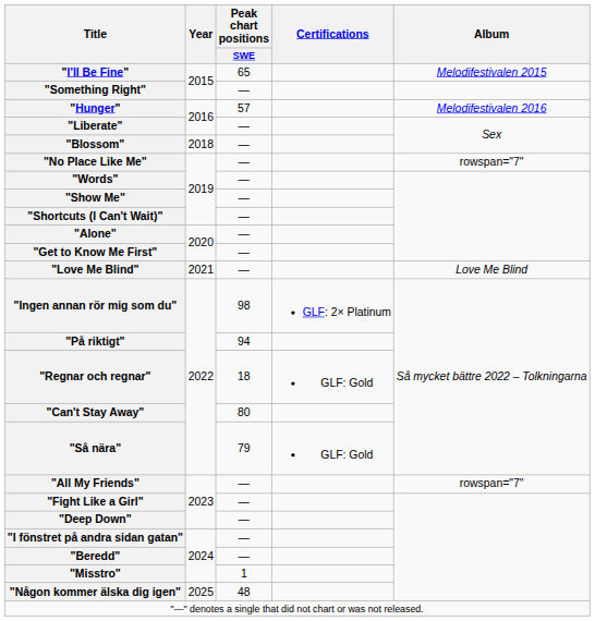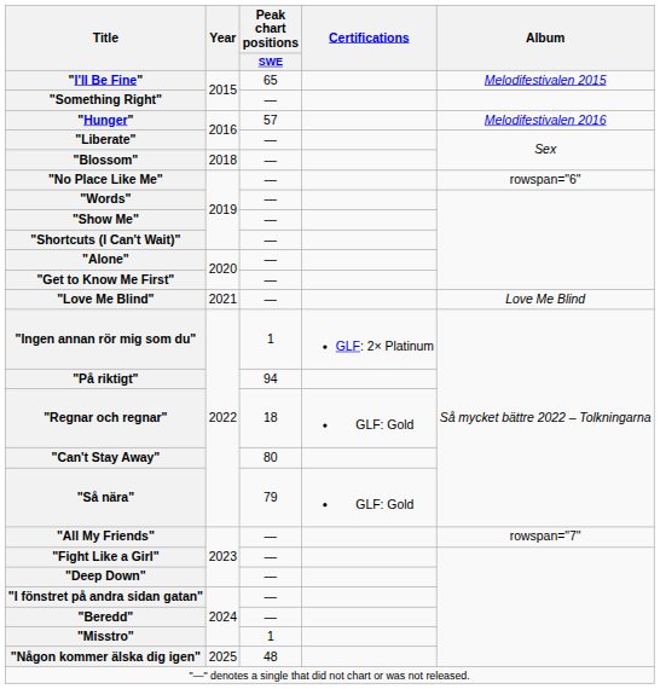 <table class="wikitable plainrowheaders" style="text-align:center;">
 <tr>
 <th scope="col" rowspan="2">Title</th>
 <th scope="col" rowspan="2">Year</th>
 <th scope="col" colspan="1">Peak chart positions</th>
 <th scope="col" rowspan="2"><a href='#'>Certifications</a></th>
 <th scope="col" rowspan="2">Album</th>
 </tr>
 <tr>
 <th scope="col" style="width:3em;font-size:85%;"><a href='#'>SWE</a><br></th>
 </tr>
 <tr>
 <th scope="row">"<a href='#'>I'll Be Fine</a>"</th>
 <td rowspan="2">2015</td>
 <td>65</td>
 <td></td>
 <td><em><a href='#'>Melodifestivalen 2015</a></em></td>
 </tr>
 <tr>
 <th scope="row">"Something Right"</th>
 <td>—</td>
 <td></td>
 <td></td>
 </tr>
 <tr>
 <th scope="row">"<a href='#'>Hunger</a>"</th>
 <td rowspan="2">2016</td>
 <td>57</td>
 <td></td>
 <td><em><a href='#'>Melodifestivalen 2016</a></em></td>
 </tr>
 <tr>
 <th scope="row">"Liberate"</th>
 <td>—</td>
 <td></td>
 <td rowspan="2"><em>Sex</em></td>
 </tr>
 <tr>
 <th scope="row">"Blossom"</th>
 <td>2018</td>
 <td>—</td>
 <td></td>
 </tr>
 <tr>
 <th scope="row">"No Place Like Me"<br></th>
 <td rowspan="4">2019</td>
 <td>—</td>
 <td></td>
-<td>rowspan="7" </td>
+<td>rowspan="6" </td>
 </tr>
 <tr>
 <th scope="row">"Words"</th>
 <td>—</td>
 <td></td>
 </tr>
 <tr>
 <th scope="row">"Show Me"<br></th>
 <td>—</td>
 <td></td>
 </tr>
 <tr>
 <th scope="row">"Shortcuts (I Can't Wait)"</th>
 <td>—</td>
 <td></td>
 </tr>
 <tr>
 <th scope="row">"Alone"</th>
 <td rowspan="2">2020</td>
 <td>—</td>
 <td></td>
 </tr>
 <tr>
 <th scope="row">"Get to Know Me First"<br></th>
 <td>—</td>
 <td></td>
 </tr>
 <tr>
 <th scope="row">"Love Me Blind"</th>
 <td>2021</td>
 <td>—</td>
 <td></td>
 <td><em>Love Me Blind</em></td>
 </tr>
 <tr>
 <th scope="row">"Ingen annan rör mig som du"</th>
 <td rowspan="5">2022</td>
-<td>98<br></td>
+<td>1</td>
 <td><br><ul><li><a href='#'>GLF</a>: 2× Platinum</li></ul></td>
 <td rowspan="5"><em>Så mycket bättre 2022 – Tolkningarna</em></td>
 </tr>
 <tr>
 <th scope="row">"På riktigt"</th>
 <td>94</td>
 <td></td>
 </tr>
 <tr>
 <th scope="row">"Regnar och regnar"</th>
 <td>18</td>
 <td><br><ul><li>GLF: Gold</li></ul></td>
 </tr>
 <tr>
 <th scope="row">"Can't Stay Away"</th>
 <td>80</td>
 <td></td>
 </tr>
 <tr>
 <th scope="row">"Så nära"</th>
 <td>79</td>
 <td><br><ul><li>GLF: Gold</li></ul></td>
 </tr>
 <tr>
 <th scope="row">"All My Friends"</th>
 <td rowspan="3">2023</td>
 <td>—</td>
 <td></td>
 <td>rowspan="7" </td>
 </tr>
 <tr>
 <th scope="row">"Fight Like a Girl"</th>
 <td>—</td>
 <td></td>
 </tr>
 <tr>
 <th scope="row">"Deep Down"</th>
 <td>—</td>
 <td></td>
 </tr>
 <tr>
 <th scope="row">"I fönstret på andra sidan gatan"</th>
 <td rowspan="3">2024</td>
 <td>—</td>
 <td></td>
 </tr>
 <tr>
 <th scope="row">"Beredd"<br></th>
 <td>—</td>
 <td></td>
 </tr>
 <tr>
 <th scope="row">"Misstro"<br></th>
 <td>1</td>
 <td></td>
 </tr>
 <tr>
 <th scope="row">"Någon kommer älska dig igen"<br></th>
 <td>2025</td>
 <td>48<br></td>
 <td></td>
 </tr>
 <tr>
 <td colspan="5" style="font-size:85%;">"—" denotes a single that did not chart or was not released.</td>
 </tr>
 </table>
